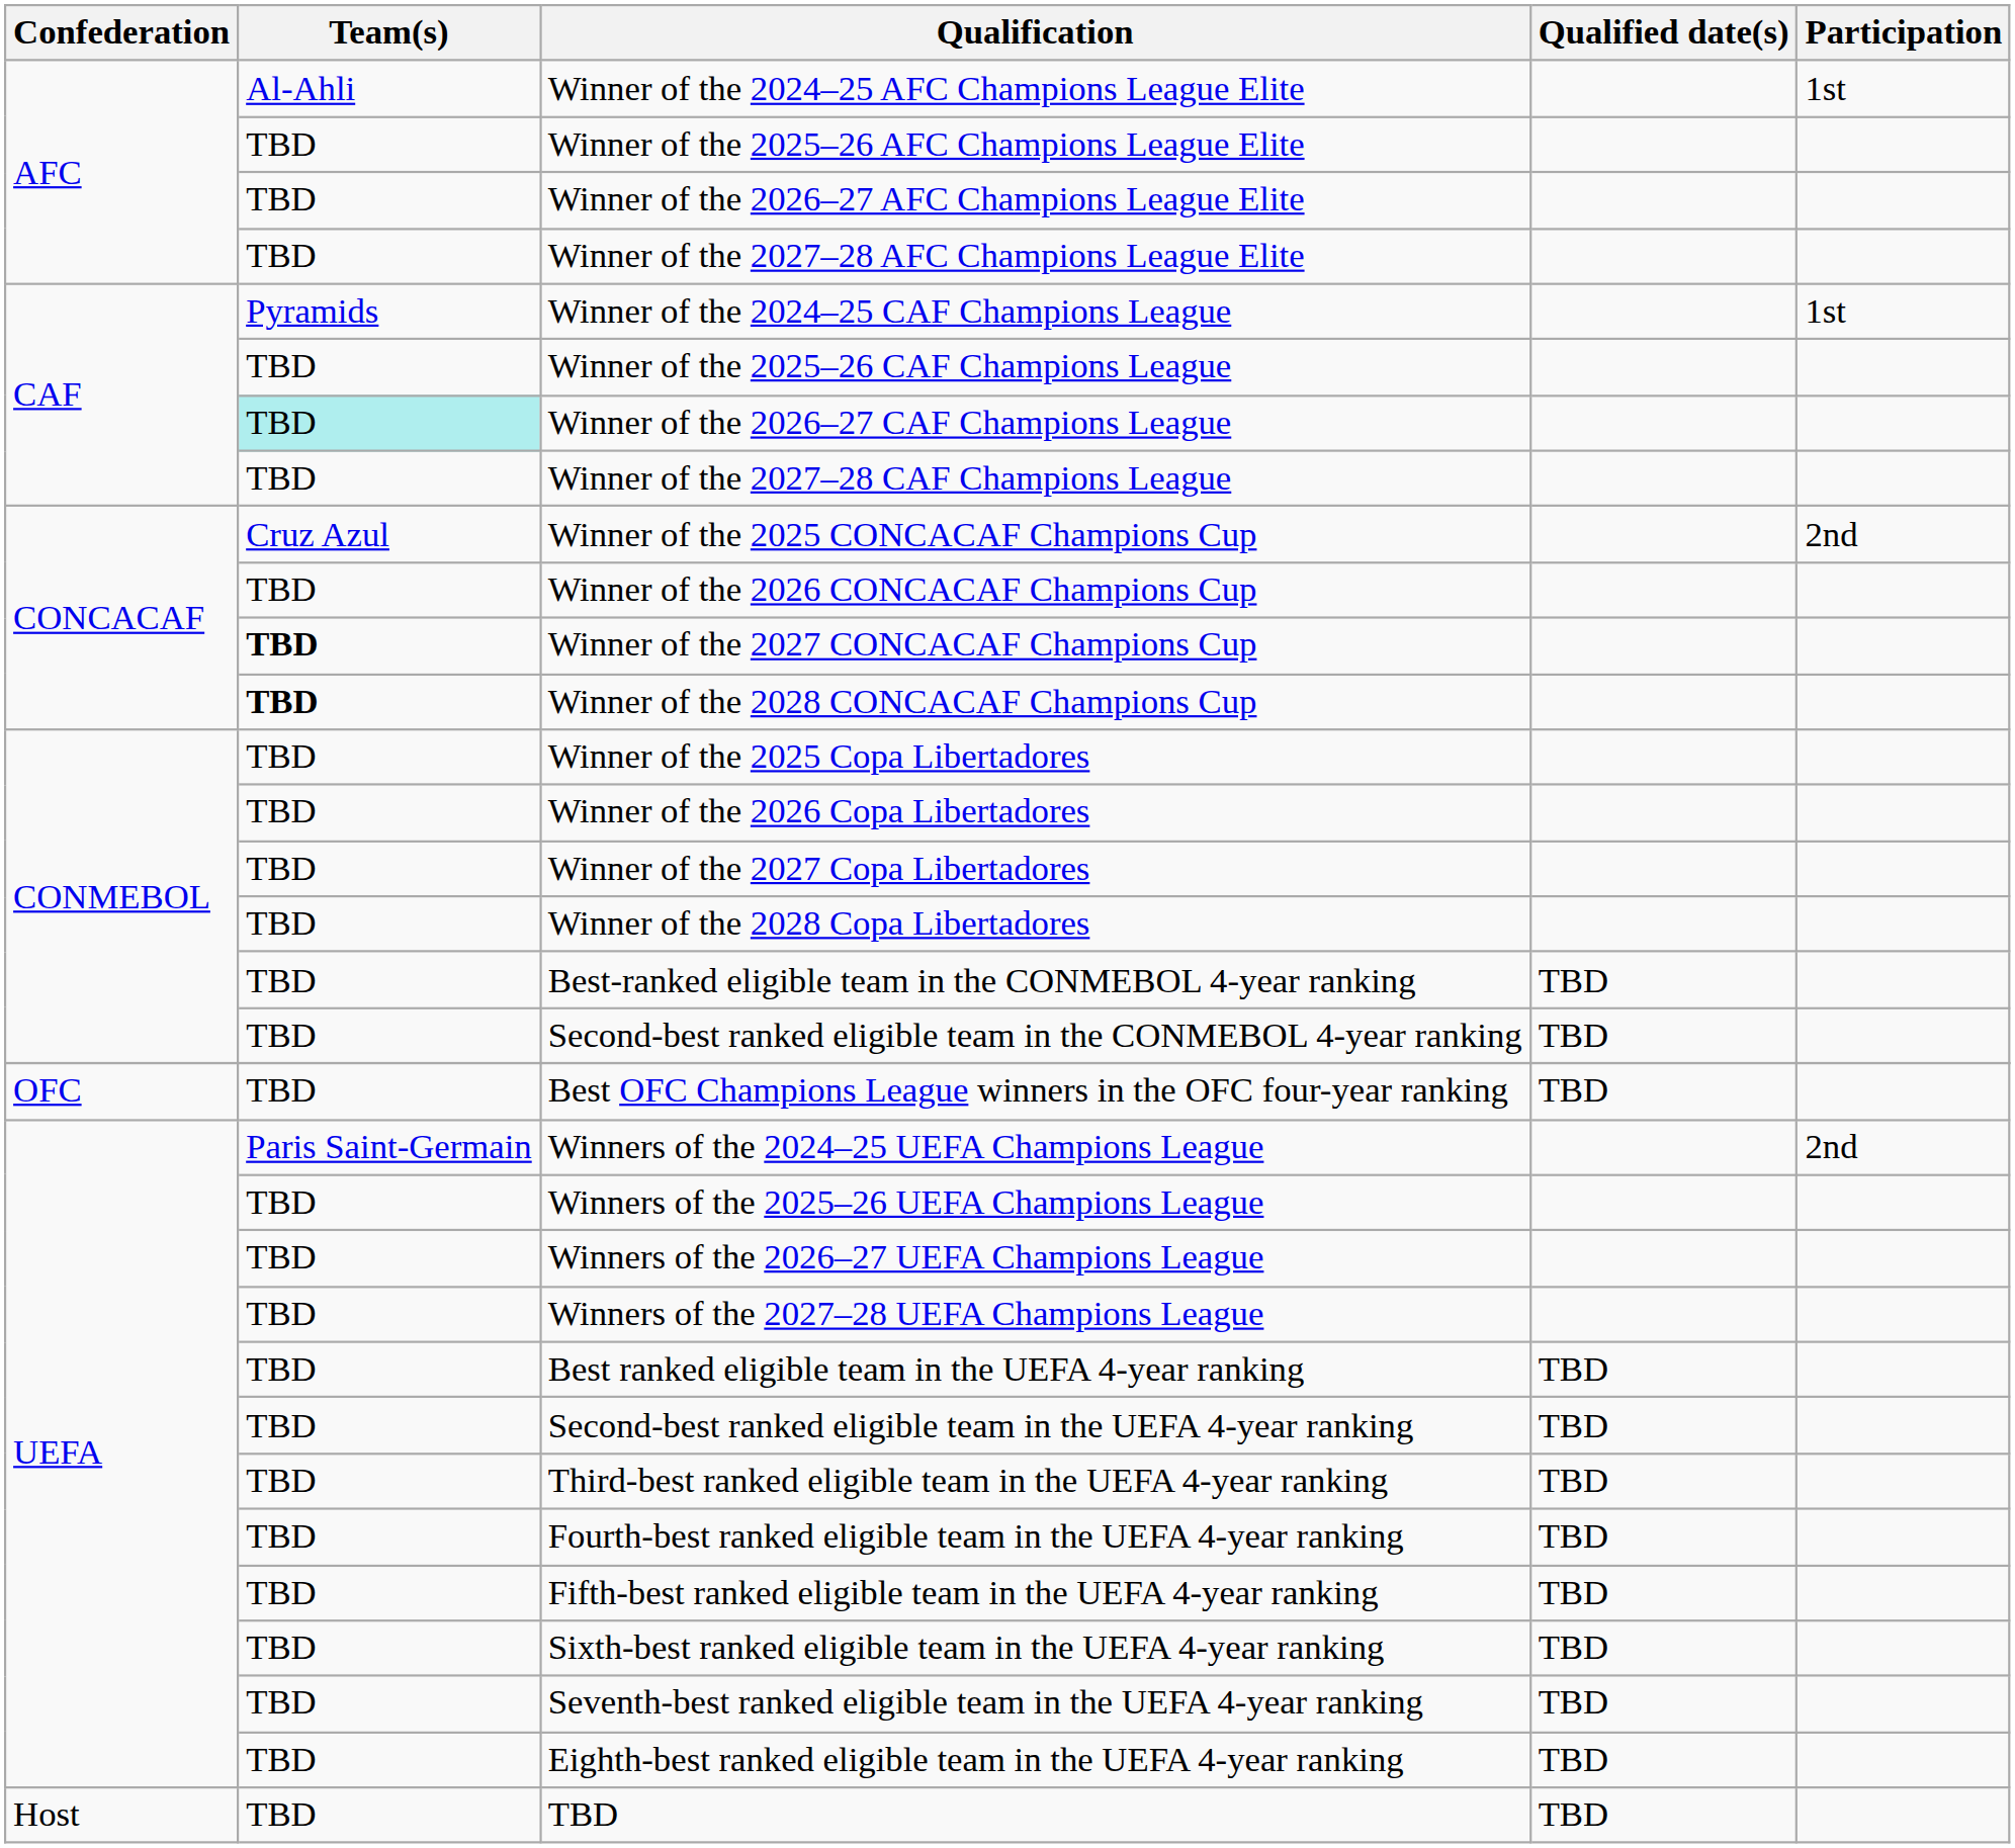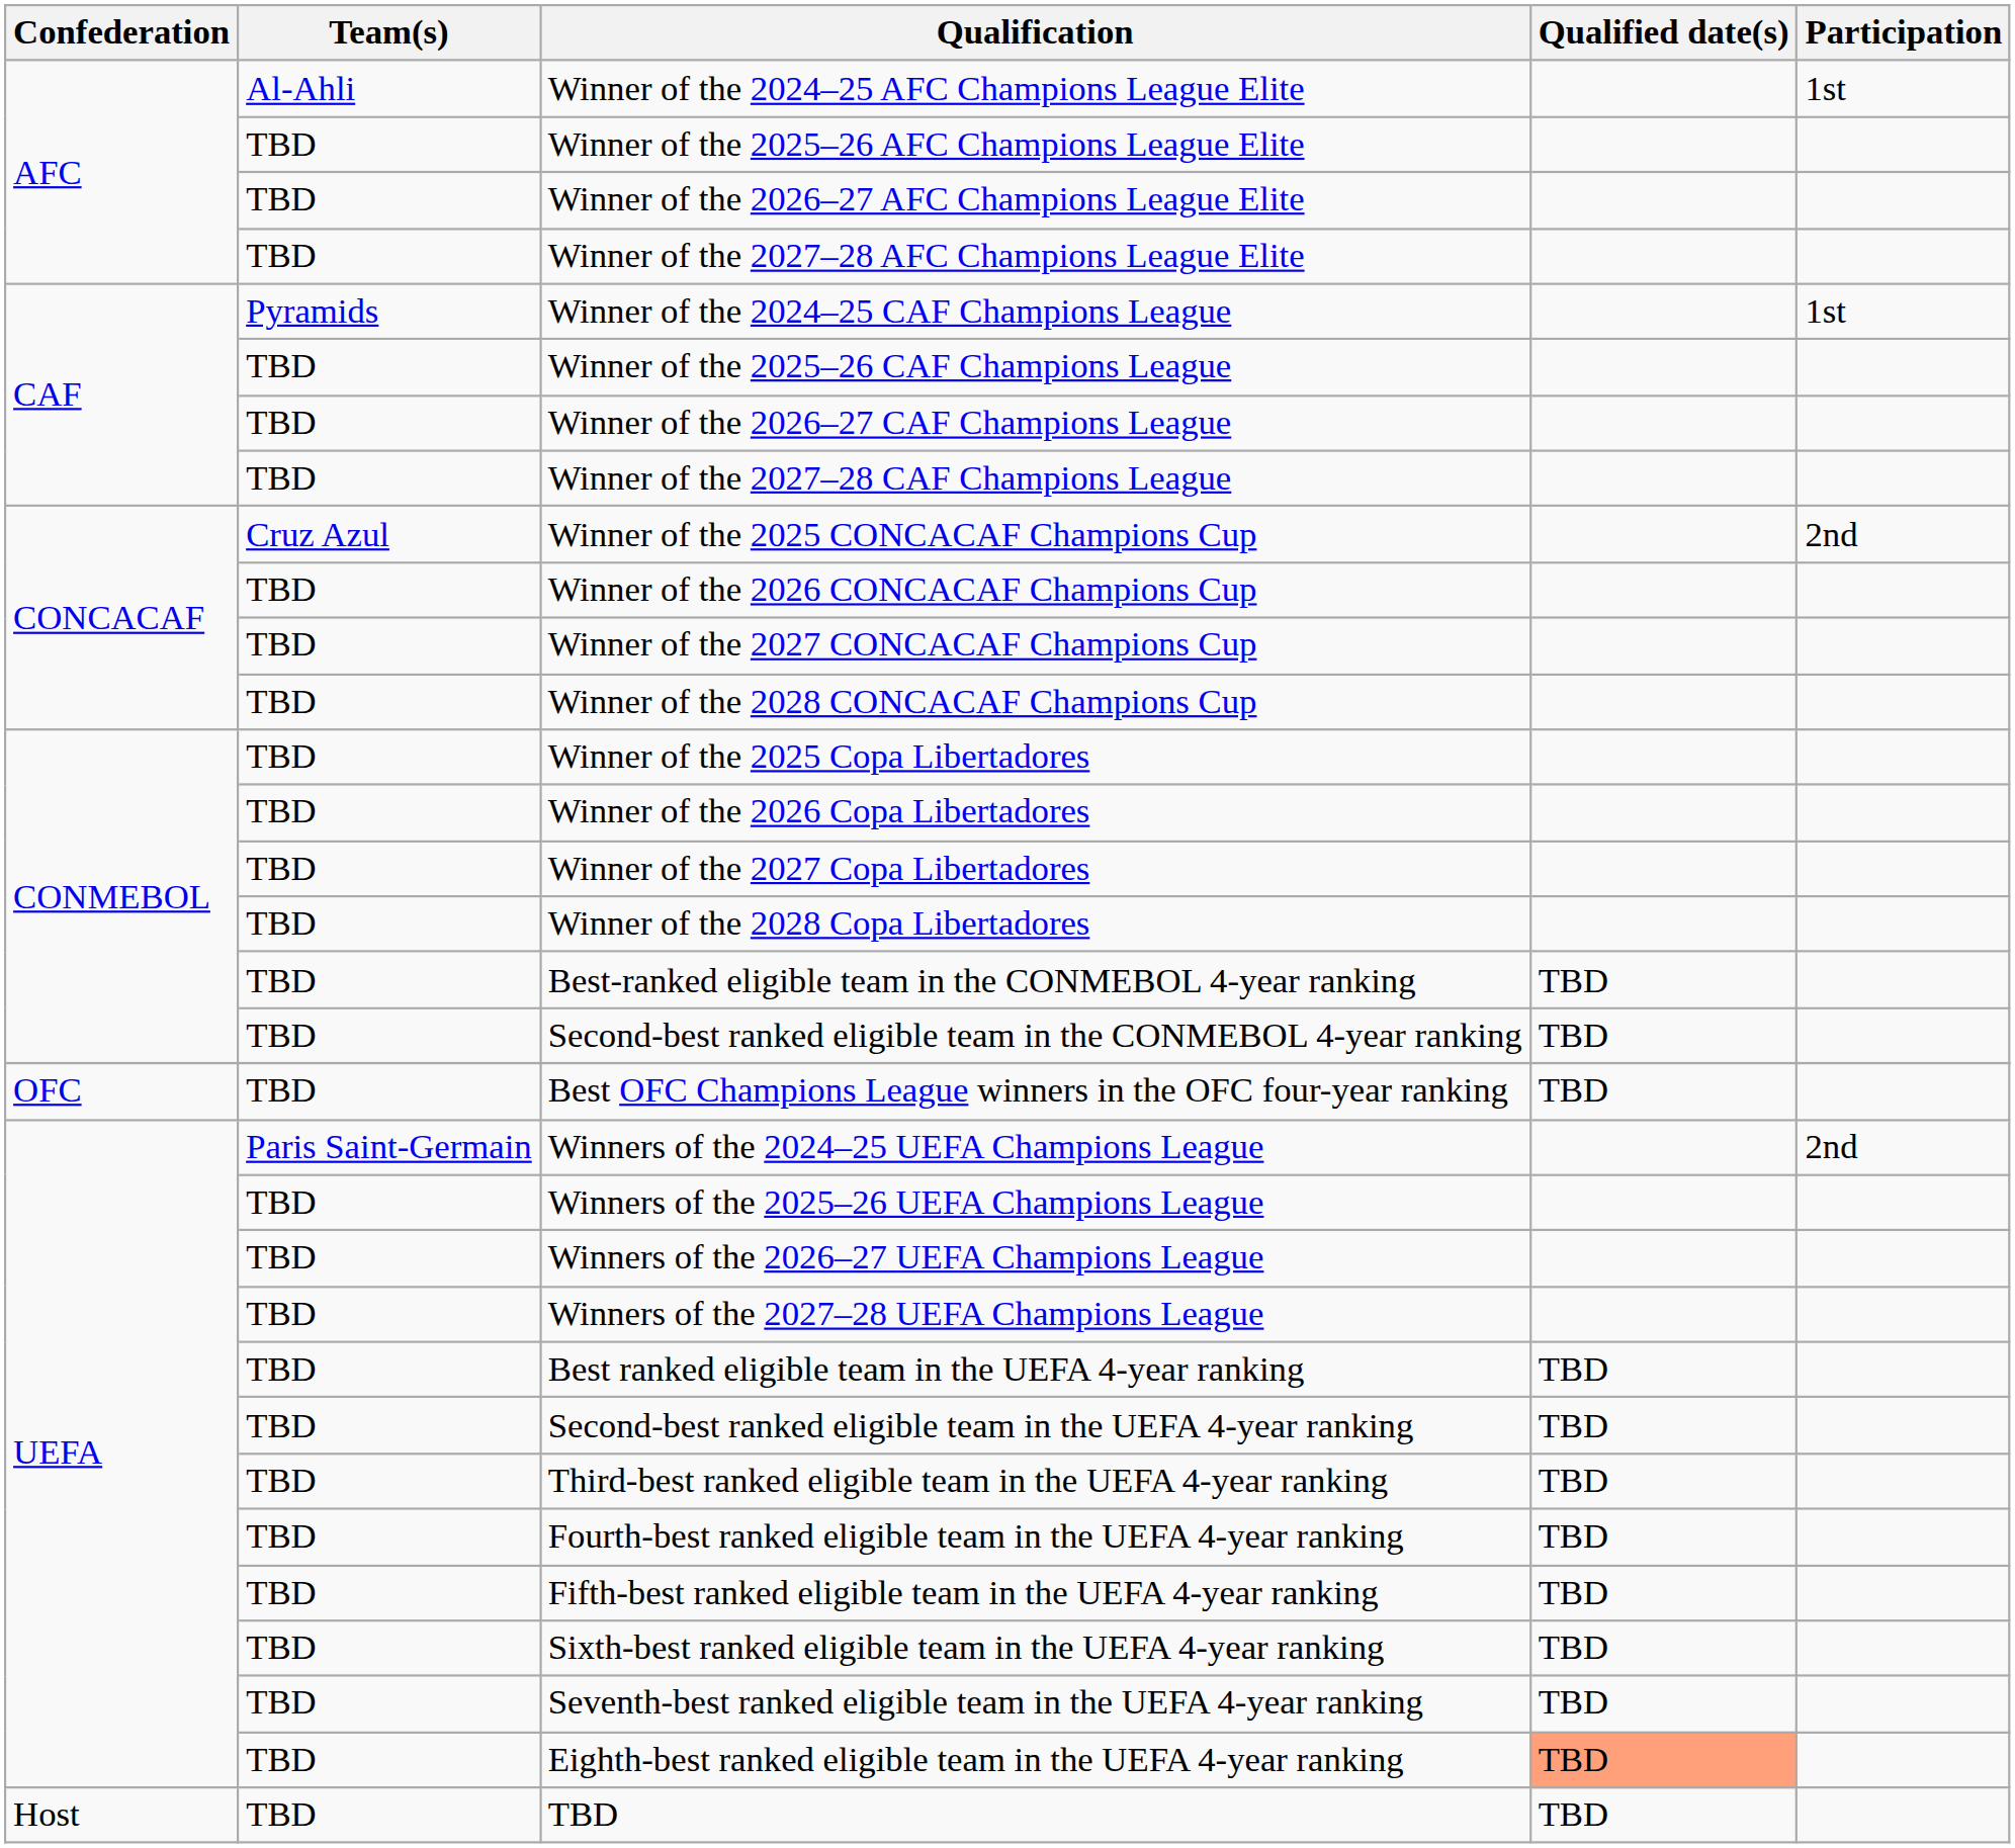 <table class="wikitable sortable">
 <tr>
 <th>Confederation</th>
 <th>Team(s)</th>
 <th>Qualification</th>
 <th>Qualified date(s)</th>
 <th>Participation</th>
 </tr>
 <tr>
 <td rowspan="4"><a href='#'>AFC</a> </td>
 <td> <a href='#'>Al-Ahli</a></td>
 <td>Winner of the <a href='#'>2024–25 AFC Champions League Elite</a></td>
 <td></td>
 <td>1st</td>
 </tr>
 <tr>
 <td>TBD</td>
 <td>Winner of the <a href='#'>2025–26 AFC Champions League Elite</a></td>
 <td></td>
 <td></td>
 </tr>
 <tr>
 <td>TBD</td>
 <td>Winner of the <a href='#'>2026–27 AFC Champions League Elite</a></td>
 <td></td>
 <td></td>
 </tr>
 <tr>
 <td>TBD</td>
 <td>Winner of the <a href='#'>2027–28 AFC Champions League Elite</a></td>
 <td></td>
 <td></td>
 </tr>
 <tr>
 <td rowspan="4"><a href='#'>CAF</a> </td>
 <td> <a href='#'>Pyramids</a></td>
 <td>Winner of the <a href='#'>2024–25 CAF Champions League</a></td>
 <td></td>
 <td>1st</td>
 </tr>
 <tr>
 <td>TBD</td>
 <td>Winner of the <a href='#'>2025–26 CAF Champions League</a></td>
 <td></td>
 <td></td>
 </tr>
 <tr>
-<td style="background: paleturquoise;">TBD</td>
+<td>TBD</td>
 <td>Winner of the <a href='#'>2026–27 CAF Champions League</a></td>
 <td></td>
 <td></td>
 </tr>
 <tr>
 <td>TBD</td>
 <td>Winner of the <a href='#'>2027–28 CAF Champions League</a></td>
 <td></td>
 <td></td>
 </tr>
 <tr>
 <td rowspan="4"><a href='#'>CONCACAF</a> </td>
 <td> <a href='#'>Cruz Azul</a></td>
 <td>Winner of the <a href='#'>2025 CONCACAF Champions Cup</a></td>
 <td></td>
 <td>2nd </td>
 </tr>
 <tr>
 <td>TBD</td>
 <td>Winner of the <a href='#'>2026 CONCACAF Champions Cup</a></td>
 <td></td>
 <td></td>
 </tr>
 <tr>
-<td><strong>TBD</strong></td>
+<td>TBD</td>
 <td>Winner of the <a href='#'>2027 CONCACAF Champions Cup</a></td>
 <td></td>
 <td></td>
 </tr>
 <tr>
-<td><strong>TBD</strong></td>
+<td>TBD</td>
 <td>Winner of the <a href='#'>2028 CONCACAF Champions Cup</a></td>
 <td></td>
 <td></td>
 </tr>
 <tr>
 <td rowspan="6"><a href='#'>CONMEBOL</a> </td>
 <td>TBD</td>
 <td>Winner of the <a href='#'>2025 Copa Libertadores</a></td>
 <td></td>
 <td></td>
 </tr>
 <tr>
 <td>TBD</td>
 <td>Winner of the <a href='#'>2026 Copa Libertadores</a></td>
 <td></td>
 <td></td>
 </tr>
 <tr>
 <td>TBD</td>
 <td>Winner of the <a href='#'>2027 Copa Libertadores</a></td>
 <td></td>
 <td></td>
 </tr>
 <tr>
 <td>TBD</td>
 <td>Winner of the <a href='#'>2028 Copa Libertadores</a></td>
 <td></td>
 <td></td>
 </tr>
 <tr>
 <td>TBD</td>
 <td>Best-ranked eligible team in the CONMEBOL 4-year ranking</td>
 <td>TBD</td>
 <td></td>
 </tr>
 <tr>
 <td>TBD</td>
 <td>Second-best ranked eligible team in the CONMEBOL 4-year ranking</td>
 <td>TBD</td>
 <td></td>
 </tr>
 <tr>
 </tr>
 <tr>
 <td><a href='#'>OFC</a> </td>
 <td>TBD</td>
 <td>Best <a href='#'>OFC Champions League</a> winners in the OFC four-year ranking</td>
 <td>TBD</td>
 <td></td>
 </tr>
 <tr>
 <td rowspan="12"><a href='#'>UEFA</a> </td>
 <td> <a href='#'>Paris Saint-Germain</a></td>
 <td>Winners of the <a href='#'>2024–25 UEFA Champions League</a></td>
 <td></td>
 <td>2nd </td>
 </tr>
 <tr>
 <td>TBD</td>
 <td>Winners of the <a href='#'>2025–26 UEFA Champions League</a></td>
 <td></td>
 <td></td>
 </tr>
 <tr>
 <td>TBD</td>
 <td>Winners of the <a href='#'>2026–27 UEFA Champions League</a></td>
 <td></td>
 <td></td>
 </tr>
 <tr>
 <td>TBD</td>
 <td>Winners of the <a href='#'>2027–28 UEFA Champions League</a></td>
 <td></td>
 <td></td>
 </tr>
 <tr>
 <td>TBD</td>
 <td>Best ranked eligible team in the UEFA 4-year ranking</td>
 <td>TBD</td>
 <td></td>
 </tr>
 <tr>
 <td>TBD</td>
 <td>Second-best ranked eligible team in the UEFA 4-year ranking</td>
 <td>TBD</td>
 <td></td>
 </tr>
 <tr>
 <td>TBD</td>
 <td>Third-best ranked eligible team in the UEFA 4-year ranking</td>
 <td>TBD</td>
 <td></td>
 </tr>
 <tr>
 <td>TBD</td>
 <td>Fourth-best ranked eligible team in the UEFA 4-year ranking</td>
 <td>TBD</td>
 <td></td>
 </tr>
 <tr>
 <td>TBD</td>
 <td>Fifth-best ranked eligible team in the UEFA 4-year ranking</td>
 <td>TBD</td>
 <td></td>
 </tr>
 <tr>
 <td>TBD</td>
 <td>Sixth-best ranked eligible team in the UEFA 4-year ranking</td>
 <td>TBD</td>
 <td></td>
 </tr>
 <tr>
 <td>TBD</td>
 <td>Seventh-best ranked eligible team in the UEFA 4-year ranking</td>
 <td>TBD</td>
 <td></td>
 </tr>
 <tr>
 <td>TBD</td>
 <td>Eighth-best ranked eligible team in the UEFA 4-year ranking</td>
-<td>TBD</td>
+<td style="background: lightsalmon;">TBD</td>
 <td></td>
 </tr>
 <tr>
 <td>Host </td>
 <td>TBD</td>
 <td>TBD</td>
 <td>TBD</td>
 <td></td>
 </tr>
 </table>
